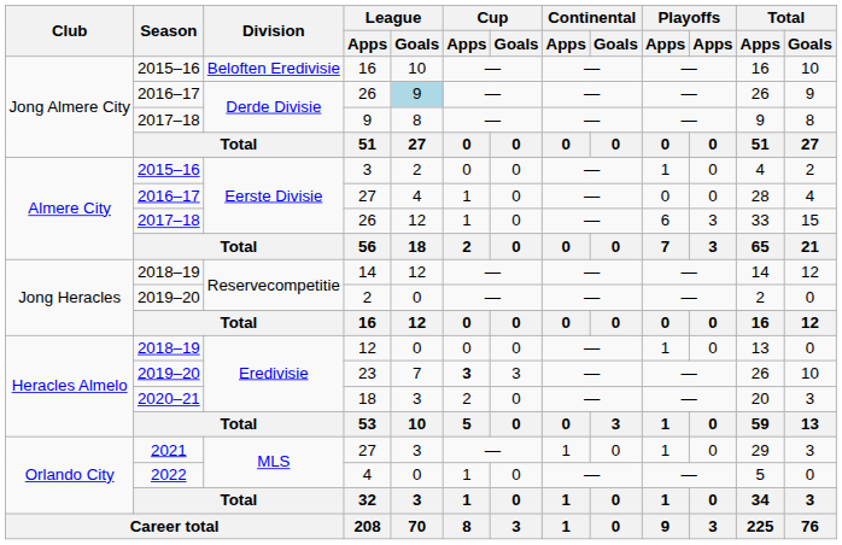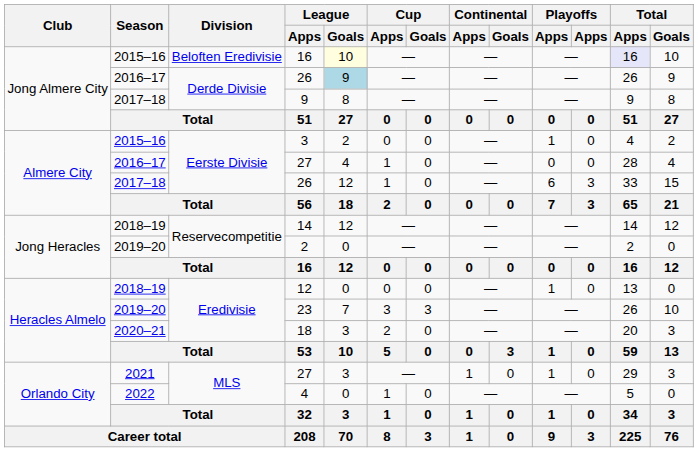 <table class="wikitable" style="text-align: center;">
 <tr>
 <th rowspan="2">Club</th>
 <th rowspan="2">Season</th>
 <th rowspan="2">Division</th>
 <th colspan="2">League</th>
 <th colspan="2">Cup</th>
 <th colspan="2">Continental</th>
 <th colspan="2">Playoffs</th>
 <th colspan="2">Total</th>
 </tr>
 <tr>
 <th>Apps</th>
 <th>Goals</th>
 <th>Apps</th>
 <th>Goals</th>
 <th>Apps</th>
 <th>Goals</th>
 <th>Apps</th>
 <th>Apps</th>
 <th>Apps</th>
 <th>Goals</th>
 </tr>
 <tr>
 <td rowspan="4">Jong Almere City</td>
 <td>2015–16</td>
 <td><a href='#'>Beloften Eredivisie</a></td>
 <td>16</td>
-<td>10</td>
+<td style="background: lightyellow;">10</td>
 <td colspan="2">—</td>
 <td colspan="2">—</td>
 <td colspan="2">—</td>
-<td>16</td>
+<td style="background: lavender;">16</td>
 <td>10</td>
 </tr>
 <tr>
 <td>2016–17</td>
 <td rowspan="2"><a href='#'>Derde Divisie</a></td>
 <td>26</td>
 <td style="background: lightblue;">9</td>
 <td colspan="2">—</td>
 <td colspan="2">—</td>
 <td colspan="2">—</td>
 <td>26</td>
 <td>9</td>
 </tr>
 <tr>
 <td>2017–18</td>
 <td>9</td>
 <td>8</td>
 <td colspan="2">—</td>
 <td colspan="2">—</td>
 <td colspan="2">—</td>
 <td>9</td>
 <td>8</td>
 </tr>
 <tr>
 <th colspan="2">Total</th>
 <th>51</th>
 <th>27</th>
 <th>0</th>
 <th>0</th>
 <th>0</th>
 <th>0</th>
 <th>0</th>
 <th>0</th>
 <th>51</th>
 <th>27</th>
 </tr>
 <tr>
 <td rowspan="4"><a href='#'>Almere City</a></td>
 <td><a href='#'>2015–16</a></td>
 <td rowspan="3"><a href='#'>Eerste Divisie</a></td>
 <td>3</td>
 <td>2</td>
 <td>0</td>
 <td>0</td>
 <td colspan="2">—</td>
 <td>1</td>
 <td>0</td>
 <td>4</td>
 <td>2</td>
 </tr>
 <tr>
 <td><a href='#'>2016–17</a></td>
 <td>27</td>
 <td>4</td>
 <td>1</td>
 <td>0</td>
 <td colspan="2">—</td>
 <td>0</td>
 <td>0</td>
 <td>28</td>
 <td>4</td>
 </tr>
 <tr>
 <td><a href='#'>2017–18</a></td>
 <td>26</td>
 <td>12</td>
 <td>1</td>
 <td>0</td>
 <td colspan="2">—</td>
 <td>6</td>
 <td>3</td>
 <td>33</td>
 <td>15</td>
 </tr>
 <tr>
 <th colspan="2">Total</th>
 <th>56</th>
 <th>18</th>
 <th>2</th>
 <th>0</th>
 <th>0</th>
 <th>0</th>
 <th>7</th>
 <th>3</th>
 <th>65</th>
 <th>21</th>
 </tr>
 <tr>
 <td rowspan="3">Jong Heracles</td>
 <td>2018–19</td>
 <td rowspan="2">Reservecompetitie</td>
 <td>14</td>
 <td>12</td>
 <td colspan="2">—</td>
 <td colspan="2">—</td>
 <td colspan="2">—</td>
 <td>14</td>
 <td>12</td>
 </tr>
 <tr>
 <td>2019–20</td>
 <td>2</td>
 <td>0</td>
 <td colspan="2">—</td>
 <td colspan="2">—</td>
 <td colspan="2">—</td>
 <td>2</td>
 <td>0</td>
 </tr>
 <tr>
 <th colspan="2">Total</th>
 <th>16</th>
 <th>12</th>
 <th>0</th>
 <th>0</th>
 <th>0</th>
 <th>0</th>
 <th>0</th>
 <th>0</th>
 <th>16</th>
 <th>12</th>
 </tr>
 <tr>
 <td rowspan="4"><a href='#'>Heracles Almelo</a></td>
 <td><a href='#'>2018–19</a></td>
 <td rowspan="3"><a href='#'>Eredivisie</a></td>
 <td>12</td>
 <td>0</td>
 <td>0</td>
 <td>0</td>
 <td colspan="2">—</td>
 <td>1</td>
 <td>0</td>
 <td>13</td>
 <td>0</td>
 </tr>
 <tr>
 <td><a href='#'>2019–20</a></td>
 <td>23</td>
 <td>7</td>
-<td><strong>3</strong></td>
+<td>3</td>
 <td>3</td>
 <td colspan="2">—</td>
 <td colspan="2">—</td>
 <td>26</td>
 <td>10</td>
 </tr>
 <tr>
 <td><a href='#'>2020–21</a></td>
 <td>18</td>
 <td>3</td>
 <td>2</td>
 <td>0</td>
 <td colspan="2">—</td>
 <td colspan="2">—</td>
 <td>20</td>
 <td>3</td>
 </tr>
 <tr>
 <th colspan="2">Total</th>
 <th>53</th>
 <th>10</th>
 <th>5</th>
 <th>0</th>
 <th>0</th>
 <th>3</th>
 <th>1</th>
 <th>0</th>
 <th>59</th>
 <th>13</th>
 </tr>
 <tr>
 <td rowspan="3"><a href='#'>Orlando City</a></td>
 <td><a href='#'>2021</a></td>
 <td rowspan="2"><a href='#'>MLS</a></td>
 <td>27</td>
 <td>3</td>
 <td colspan="2">—</td>
 <td>1</td>
 <td>0</td>
 <td>1</td>
 <td>0</td>
 <td>29</td>
 <td>3</td>
 </tr>
 <tr>
 <td><a href='#'>2022</a></td>
 <td>4</td>
 <td>0</td>
 <td>1</td>
 <td>0</td>
 <td colspan="2">—</td>
 <td colspan="2">—</td>
 <td>5</td>
 <td>0</td>
 </tr>
 <tr>
 <th colspan="2">Total</th>
 <th>32</th>
 <th>3</th>
 <th>1</th>
 <th>0</th>
 <th>1</th>
 <th>0</th>
 <th>1</th>
 <th>0</th>
 <th>34</th>
 <th>3</th>
 </tr>
 <tr>
 <th colspan="3">Career total</th>
 <th>208</th>
 <th>70</th>
 <th>8</th>
 <th>3</th>
 <th>1</th>
 <th>0</th>
 <th>9</th>
 <th>3</th>
 <th>225</th>
 <th>76</th>
 </tr>
 </table>
